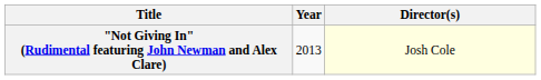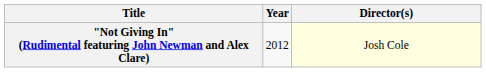 <table class="wikitable plainrowheaders" style="text-align:center;">
 <tr>
 <th scope="col" style="width:22em;">Title</th>
 <th scope="col">Year</th>
 <th scope="col" style="width:16em;">Director(s)</th>
 </tr>
 <tr>
 <th scope="row">"Not Giving In"<br><span>(<a href='#'>Rudimental</a> featuring <a href='#'>John Newman</a> and Alex Clare)</span></th>
-<td>2013</td>
+<td>2012</td>
 <td style="background: lightyellow;">Josh Cole</td>
 </tr>
 </table>
